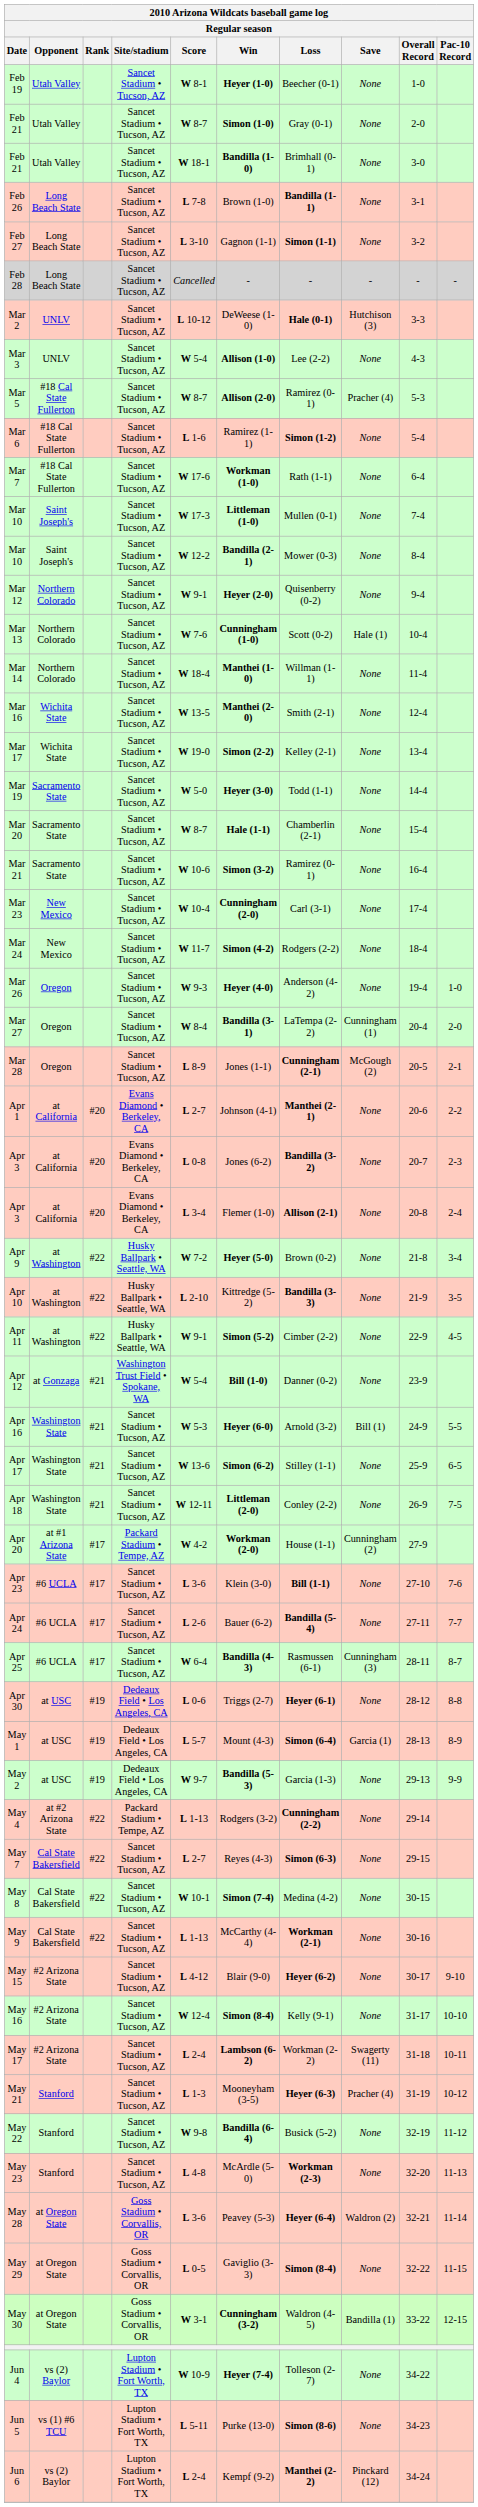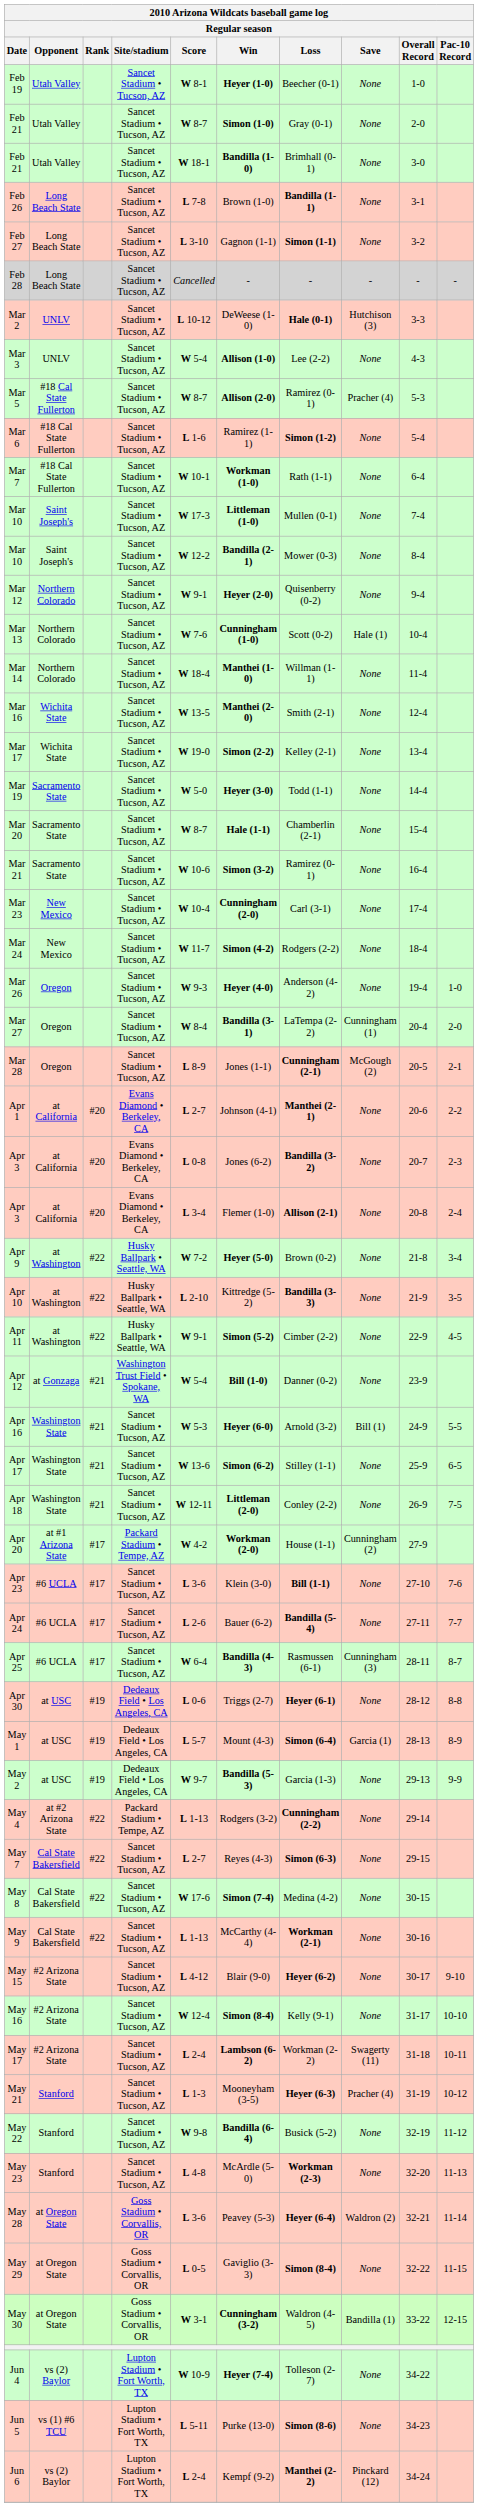 <table class="wikitable">
 <tr>
 <th colspan="10">2010 Arizona Wildcats baseball game log</th>
 </tr>
 <tr>
 <th colspan="10">Regular season</th>
 </tr>
 <tr>
 <th>Date</th>
 <th>Opponent</th>
 <th>Rank</th>
 <th>Site/stadium</th>
 <th>Score</th>
 <th>Win</th>
 <th>Loss</th>
 <th>Save</th>
 <th>Overall<br>Record</th>
 <th>Pac-10<br>Record</th>
 </tr>
 <tr align="center" bgcolor=ccffcc>
 <td>Feb 19</td>
 <td><a href='#'>Utah Valley</a></td>
 <td></td>
 <td><a href='#'>Sancet Stadium</a> • <a href='#'>Tucson, AZ</a></td>
 <td><strong>W</strong> 8-1</td>
 <td><strong>Heyer (1-0)</strong></td>
 <td>Beecher (0-1)</td>
 <td><em>None</em></td>
 <td>1-0</td>
 <td></td>
 </tr>
 <tr align="center" bgcolor=ccffcc>
 <td>Feb 21</td>
 <td>Utah Valley</td>
 <td></td>
 <td>Sancet Stadium • Tucson, AZ</td>
 <td><strong>W</strong> 8-7</td>
 <td><strong>Simon (1-0)</strong></td>
 <td>Gray (0-1)</td>
 <td><em>None</em></td>
 <td>2-0</td>
 <td></td>
 </tr>
 <tr align="center" bgcolor=ccffcc>
 <td>Feb 21</td>
 <td>Utah Valley</td>
 <td></td>
 <td>Sancet Stadium • Tucson, AZ</td>
 <td><strong>W</strong> 18-1</td>
 <td><strong>Bandilla (1-0)</strong></td>
 <td>Brimhall (0-1)</td>
 <td><em>None</em></td>
 <td>3-0</td>
 <td></td>
 </tr>
 <tr align="center" bgcolor=ffccc>
 <td>Feb 26</td>
 <td><a href='#'>Long Beach State</a></td>
 <td></td>
 <td>Sancet Stadium • Tucson, AZ</td>
 <td><strong>L</strong> 7-8</td>
 <td>Brown (1-0)</td>
 <td><strong>Bandilla (1-1)</strong></td>
 <td><em>None</em></td>
 <td>3-1</td>
 <td></td>
 </tr>
 <tr align="center" bgcolor=ffccc>
 <td>Feb 27</td>
 <td>Long Beach State</td>
 <td></td>
 <td>Sancet Stadium • Tucson, AZ</td>
 <td><strong>L</strong> 3-10</td>
 <td>Gagnon (1-1)</td>
 <td><strong>Simon (1-1)</strong></td>
 <td><em>None</em></td>
 <td>3-2</td>
 <td></td>
 </tr>
 <tr align="center" bgcolor= d3d3d3>
 <td>Feb 28</td>
 <td>Long Beach State</td>
 <td></td>
 <td>Sancet Stadium • Tucson, AZ</td>
 <td><em>Cancelled</em></td>
 <td>-</td>
 <td>-</td>
 <td>-</td>
 <td>-</td>
 <td>-</td>
 </tr>
 <tr align="center" bgcolor=ffccc>
 <td>Mar 2</td>
 <td><a href='#'>UNLV</a></td>
 <td></td>
 <td>Sancet Stadium • Tucson, AZ</td>
 <td><strong>L</strong> 10-12</td>
 <td>DeWeese (1-0)</td>
 <td><strong>Hale (0-1)</strong></td>
 <td>Hutchison (3)</td>
 <td>3-3</td>
 <td></td>
 </tr>
 <tr align="center" bgcolor=ccffcc>
 <td>Mar 3</td>
 <td>UNLV</td>
 <td></td>
 <td>Sancet Stadium • Tucson, AZ</td>
 <td><strong>W</strong> 5-4</td>
 <td><strong>Allison (1-0)</strong></td>
 <td>Lee (2-2)</td>
 <td><em>None</em></td>
 <td>4-3</td>
 <td></td>
 </tr>
 <tr align="center" bgcolor=ccffcc>
 <td>Mar 5</td>
 <td>#18 <a href='#'>Cal State Fullerton</a></td>
 <td></td>
 <td>Sancet Stadium • Tucson, AZ</td>
 <td><strong>W</strong> 8-7</td>
 <td><strong>Allison (2-0)</strong></td>
 <td>Ramirez (0-1)</td>
 <td>Pracher (4)</td>
 <td>5-3</td>
 <td></td>
 </tr>
 <tr align="center" bgcolor=ffccc>
 <td>Mar 6</td>
 <td>#18 Cal State Fullerton</td>
 <td></td>
 <td>Sancet Stadium • Tucson, AZ</td>
 <td><strong>L</strong> 1-6</td>
 <td>Ramirez (1-1)</td>
 <td><strong>Simon (1-2)</strong></td>
 <td><em>None</em></td>
 <td>5-4</td>
 <td></td>
 </tr>
 <tr align="center" bgcolor=ccffcc>
 <td>Mar 7</td>
 <td>#18 Cal State Fullerton</td>
 <td></td>
 <td>Sancet Stadium • Tucson, AZ</td>
-<td><strong>W</strong> 17-6</td>
+<td><strong>W</strong> 10-1</td>
 <td><strong>Workman (1-0)</strong></td>
 <td>Rath (1-1)</td>
 <td><em>None</em></td>
 <td>6-4</td>
 <td></td>
 </tr>
 <tr align="center"bgcolor=ccffcc>
 <td>Mar 10</td>
 <td><a href='#'>Saint Joseph's</a></td>
 <td></td>
 <td>Sancet Stadium • Tucson, AZ</td>
 <td><strong>W</strong> 17-3</td>
 <td><strong>Littleman (1-0)</strong></td>
 <td>Mullen (0-1)</td>
 <td><em>None</em></td>
 <td>7-4</td>
 <td></td>
 </tr>
 <tr align="center"bgcolor=ccffcc>
 <td>Mar 10</td>
 <td>Saint Joseph's</td>
 <td></td>
 <td>Sancet Stadium • Tucson, AZ</td>
 <td><strong>W</strong> 12-2</td>
 <td><strong>Bandilla (2-1)</strong></td>
 <td>Mower (0-3)</td>
 <td><em>None</em></td>
 <td>8-4</td>
 <td></td>
 </tr>
 <tr align="center"bgcolor=ccffcc>
 <td>Mar 12</td>
 <td><a href='#'>Northern Colorado</a></td>
 <td></td>
 <td>Sancet Stadium • Tucson, AZ</td>
 <td><strong>W</strong> 9-1</td>
 <td><strong>Heyer (2-0)</strong></td>
 <td>Quisenberry (0-2)</td>
 <td><em>None</em></td>
 <td>9-4</td>
 <td></td>
 </tr>
 <tr align="center"bgcolor=ccffcc>
 <td>Mar 13</td>
 <td>Northern Colorado</td>
 <td></td>
 <td>Sancet Stadium • Tucson, AZ</td>
 <td><strong>W</strong> 7-6</td>
 <td><strong>Cunningham (1-0)</strong></td>
 <td>Scott (0-2)</td>
 <td>Hale (1)</td>
 <td>10-4</td>
 <td></td>
 </tr>
 <tr align="center"bgcolor=ccffcc>
 <td>Mar 14</td>
 <td>Northern Colorado</td>
 <td></td>
 <td>Sancet Stadium • Tucson, AZ</td>
 <td><strong>W</strong> 18-4</td>
 <td><strong>Manthei (1-0)</strong></td>
 <td>Willman (1-1)</td>
 <td><em>None</em></td>
 <td>11-4</td>
 <td></td>
 </tr>
 <tr align="center"bgcolor=ccffcc>
 <td>Mar 16</td>
 <td><a href='#'>Wichita State</a></td>
 <td></td>
 <td>Sancet Stadium • Tucson, AZ</td>
 <td><strong>W</strong> 13-5</td>
 <td><strong>Manthei (2-0)</strong></td>
 <td>Smith (2-1)</td>
 <td><em>None</em></td>
 <td>12-4</td>
 <td></td>
 </tr>
 <tr align="center"bgcolor=ccffcc>
 <td>Mar 17</td>
 <td>Wichita State</td>
 <td></td>
 <td>Sancet Stadium • Tucson, AZ</td>
 <td><strong>W</strong> 19-0</td>
 <td><strong>Simon (2-2)</strong></td>
 <td>Kelley (2-1)</td>
 <td><em>None</em></td>
 <td>13-4</td>
 <td></td>
 </tr>
 <tr align="center"bgcolor=ccffcc>
 <td>Mar 19</td>
 <td><a href='#'>Sacramento State</a></td>
 <td></td>
 <td>Sancet Stadium • Tucson, AZ</td>
 <td><strong>W</strong> 5-0</td>
 <td><strong>Heyer (3-0)</strong></td>
 <td>Todd (1-1)</td>
 <td><em>None</em></td>
 <td>14-4</td>
 <td></td>
 </tr>
 <tr align="center"bgcolor=ccffcc>
 <td>Mar 20</td>
 <td>Sacramento State</td>
 <td></td>
 <td>Sancet Stadium • Tucson, AZ</td>
 <td><strong>W</strong> 8-7</td>
 <td><strong>Hale (1-1)</strong></td>
 <td>Chamberlin (2-1)</td>
 <td><em>None</em></td>
 <td>15-4</td>
 <td></td>
 </tr>
 <tr align="center"bgcolor=ccffcc>
 <td>Mar 21</td>
 <td>Sacramento State</td>
 <td></td>
 <td>Sancet Stadium • Tucson, AZ</td>
 <td><strong>W</strong> 10-6</td>
 <td><strong>Simon (3-2)</strong></td>
 <td>Ramirez (0-1)</td>
 <td><em>None</em></td>
 <td>16-4</td>
 <td></td>
 </tr>
 <tr align="center"bgcolor=ccffcc>
 <td>Mar 23</td>
 <td><a href='#'>New Mexico</a></td>
 <td></td>
 <td>Sancet Stadium • Tucson, AZ</td>
 <td><strong>W</strong> 10-4</td>
 <td><strong>Cunningham (2-0)</strong></td>
 <td>Carl (3-1)</td>
 <td><em>None</em></td>
 <td>17-4</td>
 <td></td>
 </tr>
 <tr align="center"bgcolor=ccffcc>
 <td>Mar 24</td>
 <td>New Mexico</td>
 <td></td>
 <td>Sancet Stadium • Tucson, AZ</td>
 <td><strong>W</strong> 11-7</td>
 <td><strong>Simon (4-2)</strong></td>
 <td>Rodgers (2-2)</td>
 <td><em>None</em></td>
 <td>18-4</td>
 <td></td>
 </tr>
 <tr align="center"bgcolor=ccffcc>
 <td>Mar 26</td>
 <td><a href='#'>Oregon</a></td>
 <td></td>
 <td>Sancet Stadium • Tucson, AZ</td>
 <td><strong>W</strong> 9-3</td>
 <td><strong>Heyer (4-0)</strong></td>
 <td>Anderson (4-2)</td>
 <td><em>None</em></td>
 <td>19-4</td>
 <td>1-0</td>
 </tr>
 <tr align="center"bgcolor=ccffcc>
 <td>Mar 27</td>
 <td>Oregon</td>
 <td></td>
 <td>Sancet Stadium • Tucson, AZ</td>
 <td><strong>W</strong> 8-4</td>
 <td><strong>Bandilla (3-1)</strong></td>
 <td>LaTempa (2-2)</td>
 <td>Cunningham (1)</td>
 <td>20-4</td>
 <td>2-0</td>
 </tr>
 <tr align="center"bgcolor=ffccc>
 <td>Mar 28</td>
 <td>Oregon</td>
 <td></td>
 <td>Sancet Stadium • Tucson, AZ</td>
 <td><strong>L</strong> 8-9</td>
 <td>Jones (1-1)</td>
 <td><strong>Cunningham (2-1)</strong></td>
 <td>McGough (2)</td>
 <td>20-5</td>
 <td>2-1</td>
 </tr>
 <tr align="center"bgcolor=ffccc>
 <td>Apr 1</td>
 <td>at <a href='#'>California</a></td>
 <td>#20</td>
 <td><a href='#'>Evans Diamond</a> • <a href='#'>Berkeley, CA</a></td>
 <td><strong>L</strong> 2-7</td>
 <td>Johnson (4-1)</td>
 <td><strong>Manthei (2-1)</strong></td>
 <td><em>None</em></td>
 <td>20-6</td>
 <td>2-2</td>
 </tr>
 <tr align="center"bgcolor=ffccc>
 <td>Apr 3</td>
 <td>at California</td>
 <td>#20</td>
 <td>Evans Diamond • Berkeley, CA</td>
 <td><strong>L</strong> 0-8</td>
 <td>Jones (6-2)</td>
 <td><strong>Bandilla (3-2)</strong></td>
 <td><em>None</em></td>
 <td>20-7</td>
 <td>2-3</td>
 </tr>
 <tr align="center"bgcolor=ffccc>
 <td>Apr 3</td>
 <td>at California</td>
 <td>#20</td>
 <td>Evans Diamond • Berkeley, CA</td>
 <td><strong>L</strong> 3-4</td>
 <td>Flemer (1-0)</td>
 <td><strong>Allison (2-1)</strong></td>
 <td><em>None</em></td>
 <td>20-8</td>
 <td>2-4</td>
 </tr>
 <tr align="center"bgcolor=ccffcc>
 <td>Apr 9</td>
 <td>at <a href='#'>Washington</a></td>
 <td>#22</td>
 <td><a href='#'>Husky Ballpark</a> • <a href='#'>Seattle, WA</a></td>
 <td><strong>W</strong> 7-2</td>
 <td><strong>Heyer (5-0)</strong></td>
 <td>Brown (0-2)</td>
 <td><em>None</em></td>
 <td>21-8</td>
 <td>3-4</td>
 </tr>
 <tr align="center"bgcolor=ffccc>
 <td>Apr 10</td>
 <td>at Washington</td>
 <td>#22</td>
 <td>Husky Ballpark • Seattle, WA</td>
 <td><strong>L</strong> 2-10</td>
 <td>Kittredge (5-2)</td>
 <td><strong>Bandilla (3-3)</strong></td>
 <td><em>None</em></td>
 <td>21-9</td>
 <td>3-5</td>
 </tr>
 <tr align="center"bgcolor=ccffcc>
 <td>Apr 11</td>
 <td>at Washington</td>
 <td>#22</td>
 <td>Husky Ballpark • Seattle, WA</td>
 <td><strong>W</strong> 9-1</td>
 <td><strong>Simon (5-2)</strong></td>
 <td>Cimber (2-2)</td>
 <td><em>None</em></td>
 <td>22-9</td>
 <td>4-5</td>
 </tr>
 <tr align="center"bgcolor=ccffcc>
 <td>Apr 12</td>
 <td>at <a href='#'>Gonzaga</a></td>
 <td>#21</td>
 <td><a href='#'>Washington Trust Field</a> • <a href='#'>Spokane, WA</a></td>
 <td><strong>W</strong> 5-4</td>
 <td><strong>Bill (1-0)</strong></td>
 <td>Danner (0-2)</td>
 <td><em>None</em></td>
 <td>23-9</td>
 <td></td>
 </tr>
 <tr align="center"bgcolor=ccffcc>
 <td>Apr 16</td>
 <td><a href='#'>Washington State</a></td>
 <td>#21</td>
 <td>Sancet Stadium • Tucson, AZ</td>
 <td><strong>W</strong> 5-3</td>
 <td><strong>Heyer (6-0)</strong></td>
 <td>Arnold (3-2)</td>
 <td>Bill (1)</td>
 <td>24-9</td>
 <td>5-5</td>
 </tr>
 <tr align="center"bgcolor=ccffcc>
 <td>Apr 17</td>
 <td>Washington State</td>
 <td>#21</td>
 <td>Sancet Stadium • Tucson, AZ</td>
 <td><strong>W</strong> 13-6</td>
 <td><strong>Simon (6-2)</strong></td>
 <td>Stilley (1-1)</td>
 <td><em>None</em></td>
 <td>25-9</td>
 <td>6-5</td>
 </tr>
 <tr align="center"bgcolor=ccffcc>
 <td>Apr 18</td>
 <td>Washington State</td>
 <td>#21</td>
 <td>Sancet Stadium • Tucson, AZ</td>
 <td><strong>W</strong> 12-11</td>
 <td><strong>Littleman (2-0)</strong></td>
 <td>Conley (2-2)</td>
 <td><em>None</em></td>
 <td>26-9</td>
 <td>7-5</td>
 </tr>
 <tr align="center"bgcolor=ccffcc>
 <td>Apr 20</td>
 <td>at #1 <a href='#'>Arizona State</a></td>
 <td>#17</td>
 <td><a href='#'>Packard Stadium</a> • <a href='#'>Tempe, AZ</a></td>
 <td><strong>W</strong> 4-2</td>
 <td><strong>Workman (2-0)</strong></td>
 <td>House (1-1)</td>
 <td>Cunningham (2)</td>
 <td>27-9</td>
 <td></td>
 </tr>
 <tr align="center"bgcolor=ffccc>
 <td>Apr 23</td>
 <td>#6 <a href='#'>UCLA</a></td>
 <td>#17</td>
 <td>Sancet Stadium • Tucson, AZ</td>
 <td><strong>L</strong> 3-6</td>
 <td>Klein (3-0)</td>
 <td><strong>Bill (1-1)</strong></td>
 <td><em>None</em></td>
 <td>27-10</td>
 <td>7-6</td>
 </tr>
 <tr align="center"bgcolor=ffccc>
 <td>Apr 24</td>
 <td>#6 UCLA</td>
 <td>#17</td>
 <td>Sancet Stadium • Tucson, AZ</td>
 <td><strong>L</strong> 2-6</td>
 <td>Bauer (6-2)</td>
 <td><strong>Bandilla (5-4)</strong></td>
 <td><em>None</em></td>
 <td>27-11</td>
 <td>7-7</td>
 </tr>
 <tr align="center"bgcolor=ccffcc>
 <td>Apr 25</td>
 <td>#6 UCLA</td>
 <td>#17</td>
 <td>Sancet Stadium • Tucson, AZ</td>
 <td><strong>W</strong> 6-4</td>
 <td><strong>Bandilla (4-3)</strong></td>
 <td>Rasmussen (6-1)</td>
 <td>Cunningham (3)</td>
 <td>28-11</td>
 <td>8-7</td>
 </tr>
 <tr align="center"bgcolor=ffccc>
 <td>Apr 30</td>
 <td>at <a href='#'>USC</a></td>
 <td>#19</td>
 <td><a href='#'>Dedeaux Field</a> • <a href='#'>Los Angeles, CA</a></td>
 <td><strong>L</strong> 0-6</td>
 <td>Triggs (2-7)</td>
 <td><strong>Heyer (6-1)</strong></td>
 <td><em>None</em></td>
 <td>28-12</td>
 <td>8-8</td>
 </tr>
 <tr align="center"bgcolor=ffccc>
 <td>May 1</td>
 <td>at USC</td>
 <td>#19</td>
 <td>Dedeaux Field • Los Angeles, CA</td>
 <td><strong>L</strong> 5-7</td>
 <td>Mount (4-3)</td>
 <td><strong>Simon (6-4)</strong></td>
 <td>Garcia (1)</td>
 <td>28-13</td>
 <td>8-9</td>
 </tr>
 <tr align="center"bgcolor=ccffcc>
 <td>May 2</td>
 <td>at USC</td>
 <td>#19</td>
 <td>Dedeaux Field • Los Angeles, CA</td>
 <td><strong>W</strong> 9-7</td>
 <td><strong>Bandilla (5-3)</strong></td>
 <td>Garcia (1-3)</td>
 <td><em>None</em></td>
 <td>29-13</td>
 <td>9-9</td>
 </tr>
 <tr align="center"bgcolor=ffccc>
 <td>May 4</td>
 <td>at #2 Arizona State</td>
 <td>#22</td>
 <td>Packard Stadium • Tempe, AZ</td>
 <td><strong>L</strong> 1-13</td>
 <td>Rodgers (3-2)</td>
 <td><strong>Cunningham (2-2)</strong></td>
 <td><em>None</em></td>
 <td>29-14</td>
 <td></td>
 </tr>
 <tr align="center"bgcolor=ffccc>
 <td>May 7</td>
 <td><a href='#'>Cal State Bakersfield</a></td>
 <td>#22</td>
 <td>Sancet Stadium • Tucson, AZ</td>
 <td><strong>L</strong> 2-7</td>
 <td>Reyes (4-3)</td>
 <td><strong>Simon (6-3)</strong></td>
 <td><em>None</em></td>
 <td>29-15</td>
 <td></td>
 </tr>
 <tr align="center"bgcolor=ccffcc>
 <td>May 8</td>
 <td>Cal State Bakersfield</td>
 <td>#22</td>
 <td>Sancet Stadium • Tucson, AZ</td>
-<td><strong>W</strong> 10-1</td>
+<td><strong>W</strong> 17-6</td>
 <td><strong>Simon (7-4)</strong></td>
 <td>Medina (4-2)</td>
 <td><em>None</em></td>
 <td>30-15</td>
 <td></td>
 </tr>
 <tr align="center"bgcolor=ffccc>
 <td>May 9</td>
 <td>Cal State Bakersfield</td>
 <td>#22</td>
 <td>Sancet Stadium • Tucson, AZ</td>
 <td><strong>L</strong> 1-13</td>
 <td>McCarthy (4-4)</td>
 <td><strong>Workman (2-1)</strong></td>
 <td><em>None</em></td>
 <td>30-16</td>
 <td></td>
 </tr>
 <tr bgcolor="ffccc" align="center">
 <td>May 15</td>
 <td>#2 Arizona State</td>
 <td></td>
 <td>Sancet Stadium • Tucson, AZ</td>
 <td><strong>L</strong> 4-12</td>
 <td>Blair (9-0)</td>
 <td><strong>Heyer (6-2)</strong></td>
 <td><em>None</em></td>
 <td>30-17</td>
 <td>9-10</td>
 </tr>
 <tr bgcolor="ccffcc" align="center">
 <td>May 16</td>
 <td>#2 Arizona State</td>
 <td></td>
 <td>Sancet Stadium • Tucson, AZ</td>
 <td><strong>W</strong> 12-4</td>
 <td><strong>Simon (8-4)</strong></td>
 <td>Kelly (9-1)</td>
 <td><em>None</em></td>
 <td>31-17</td>
 <td>10-10</td>
 </tr>
 <tr bgcolor="ffccc" align="center">
 <td>May 17</td>
 <td>#2 Arizona State</td>
 <td></td>
 <td>Sancet Stadium • Tucson, AZ</td>
 <td><strong>L</strong> 2-4</td>
 <td><strong>Lambson (6-2)</strong></td>
 <td>Workman (2-2)</td>
 <td>Swagerty (11)</td>
 <td>31-18</td>
 <td>10-11</td>
 </tr>
 <tr bgcolor="ffccc" align="center">
 <td>May 21</td>
 <td><a href='#'>Stanford</a></td>
 <td></td>
 <td>Sancet Stadium • Tucson, AZ</td>
 <td><strong>L</strong> 1-3</td>
 <td>Mooneyham (3-5)</td>
 <td><strong>Heyer (6-3)</strong></td>
 <td>Pracher (4)</td>
 <td>31-19</td>
 <td>10-12</td>
 </tr>
 <tr bgcolor="ccffcc" align="center">
 <td>May 22</td>
 <td>Stanford</td>
 <td></td>
 <td>Sancet Stadium • Tucson, AZ</td>
 <td><strong>W</strong> 9-8</td>
 <td><strong>Bandilla (6-4)</strong></td>
 <td>Busick (5-2)</td>
 <td><em>None</em></td>
 <td>32-19</td>
 <td>11-12</td>
 </tr>
 <tr bgcolor="ffccc" align="center">
 <td>May 23</td>
 <td>Stanford</td>
 <td></td>
 <td>Sancet Stadium • Tucson, AZ</td>
 <td><strong>L</strong> 4-8</td>
 <td>McArdle (5-0)</td>
 <td><strong>Workman (2-3)</strong></td>
 <td><em>None</em></td>
 <td>32-20</td>
 <td>11-13</td>
 </tr>
 <tr bgcolor="ffccc" align="center">
 <td>May 28</td>
 <td>at <a href='#'>Oregon State</a></td>
 <td></td>
 <td><a href='#'>Goss Stadium</a> • <a href='#'>Corvallis, OR</a></td>
 <td><strong>L</strong> 3-6</td>
 <td>Peavey (5-3)</td>
 <td><strong>Heyer (6-4)</strong></td>
 <td>Waldron (2)</td>
 <td>32-21</td>
 <td>11-14</td>
 </tr>
 <tr bgcolor="ffccc" align="center">
 <td>May 29</td>
 <td>at Oregon State</td>
 <td></td>
 <td>Goss Stadium • Corvallis, OR</td>
 <td><strong>L</strong> 0-5</td>
 <td>Gaviglio (3-3)</td>
 <td><strong>Simon (8-4)</strong></td>
 <td><em>None</em></td>
 <td>32-22</td>
 <td>11-15</td>
 </tr>
 <tr bgcolor="ccffc" align="center">
 <td>May 30</td>
 <td>at Oregon State</td>
 <td></td>
 <td>Goss Stadium • Corvallis, OR</td>
 <td><strong>W</strong> 3-1</td>
 <td><strong>Cunningham (3-2)</strong></td>
 <td>Waldron (4-5)</td>
 <td>Bandilla (1)</td>
 <td>33-22</td>
 <td>12-15</td>
 </tr>
 <tr>
 <th colspan="10"><a href='#'></a></th>
 </tr>
 <tr bgcolor="ccffcc" align="center">
 <td>Jun 4</td>
 <td>vs (2) <a href='#'>Baylor</a></td>
 <td></td>
 <td><a href='#'>Lupton Stadium</a> • <a href='#'>Fort Worth, TX</a></td>
 <td><strong>W</strong> 10-9</td>
 <td><strong>Heyer (7-4)</strong></td>
 <td>Tolleson (2-7)</td>
 <td><em>None</em></td>
 <td>34-22</td>
 <td></td>
 </tr>
 <tr bgcolor="ffccc" align="center">
 <td>Jun 5</td>
 <td>vs (1) #6 <a href='#'>TCU</a></td>
 <td></td>
 <td>Lupton Stadium • Fort Worth, TX</td>
 <td><strong>L</strong> 5-11</td>
 <td>Purke (13-0)</td>
 <td><strong>Simon (8-6)</strong></td>
 <td><em>None</em></td>
 <td>34-23</td>
 <td></td>
 </tr>
 <tr bgcolor="ffccc" align="center">
 <td>Jun 6</td>
 <td>vs (2) Baylor</td>
 <td></td>
 <td>Lupton Stadium • Fort Worth, TX</td>
 <td><strong>L</strong> 2-4</td>
 <td>Kempf (9-2)</td>
 <td><strong>Manthei (2-2)</strong></td>
 <td>Pinckard (12)</td>
 <td>34-24</td>
 <td></td>
 </tr>
 <tr>
 </tr>
 </table>
